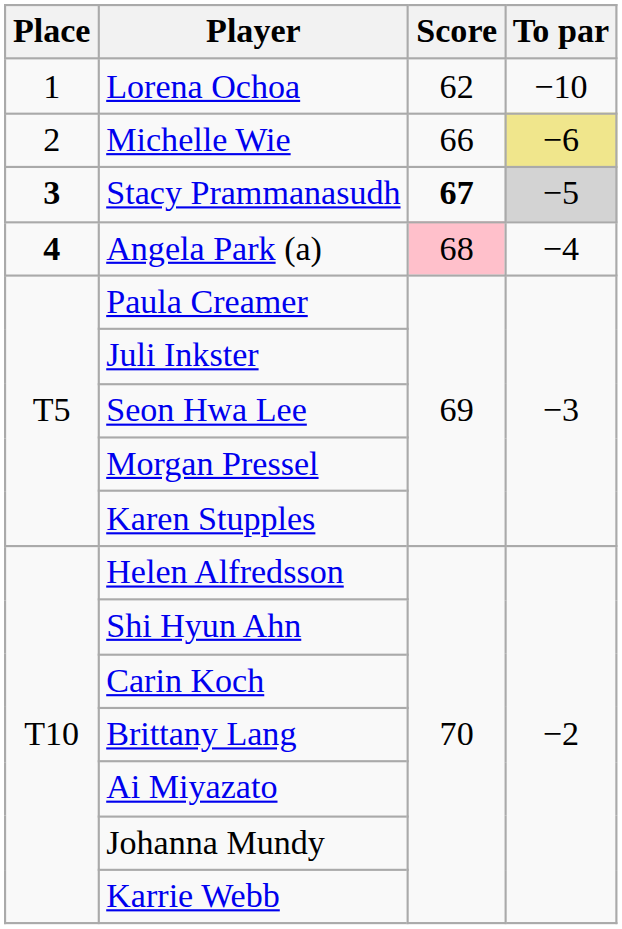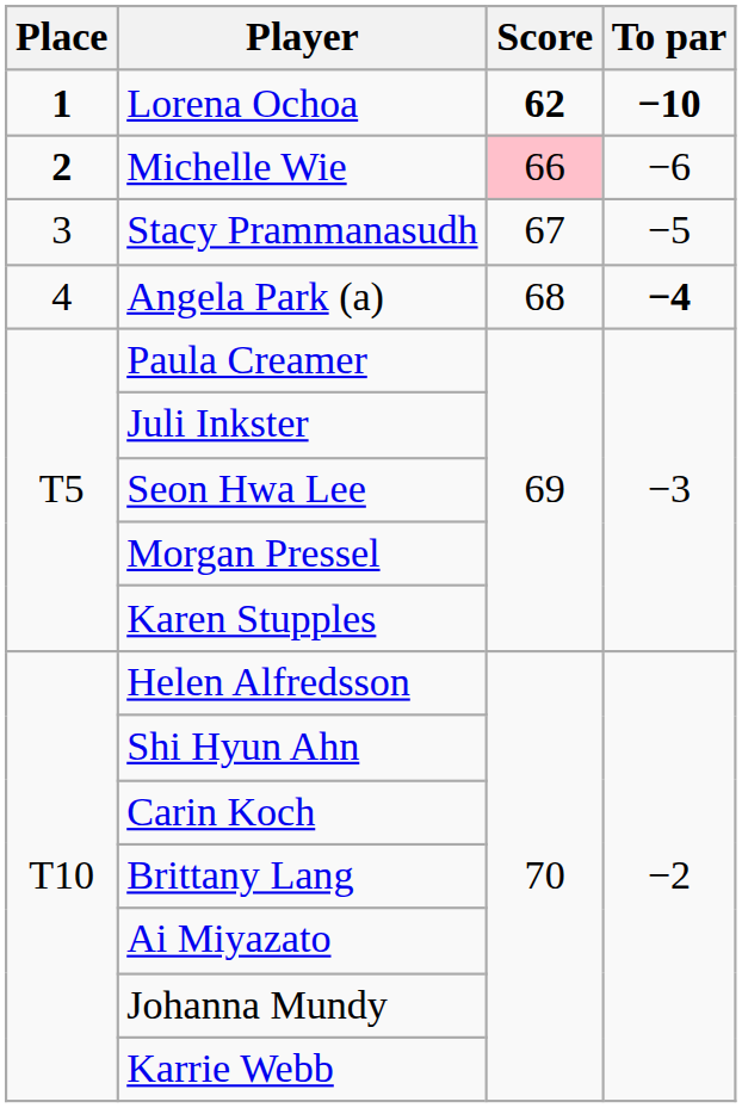 <table class="wikitable">
 <tr>
 <th>Place</th>
 <th>Player</th>
 <th>Score</th>
 <th>To par</th>
 </tr>
 <tr>
-<td align=center>1</td>
+<td align=center><strong>1</strong></td>
 <td> <a href='#'>Lorena Ochoa</a></td>
-<td align=center>62</td>
-<td align=center>−10</td>
+<td align=center><strong>62</strong></td>
+<td align=center><strong>−10</strong></td>
 </tr>
 <tr>
-<td align=center>2</td>
+<td align=center><strong>2</strong></td>
 <td> <a href='#'>Michelle Wie</a></td>
-<td align=center>66</td>
-<td align=center style="background: khaki;">−6</td>
+<td align=center style="background: pink;">66</td>
+<td align=center>−6</td>
 </tr>
 <tr>
-<td align=center><strong>3</strong></td>
+<td align=center>3</td>
 <td> <a href='#'>Stacy Prammanasudh</a></td>
-<td align=center><strong>67</strong></td>
-<td align=center style="background: lightgrey;">−5</td>
+<td align=center>67</td>
+<td align=center>−5</td>
 </tr>
 <tr>
-<td align=center><strong>4</strong></td>
+<td align=center>4</td>
 <td> <a href='#'>Angela Park</a> (a)</td>
-<td align=center style="background: pink;">68</td>
-<td align=center>−4</td>
+<td align=center>68</td>
+<td align=center><strong>−4</strong></td>
 </tr>
 <tr>
 <td rowspan=5 align=center>T5</td>
 <td> <a href='#'>Paula Creamer</a></td>
 <td rowspan=5 align=center>69</td>
 <td rowspan=5 align=center>−3</td>
 </tr>
 <tr>
 <td> <a href='#'>Juli Inkster</a></td>
 </tr>
 <tr>
 <td> <a href='#'>Seon Hwa Lee</a></td>
 </tr>
 <tr>
 <td> <a href='#'>Morgan Pressel</a></td>
 </tr>
 <tr>
 <td> <a href='#'>Karen Stupples</a></td>
 </tr>
 <tr>
 <td align=center rowspan=7>T10</td>
 <td> <a href='#'>Helen Alfredsson</a></td>
 <td align=center rowspan=7>70</td>
 <td align=center rowspan=7>−2</td>
 </tr>
 <tr>
 <td> <a href='#'>Shi Hyun Ahn</a></td>
 </tr>
 <tr>
 <td> <a href='#'>Carin Koch</a></td>
 </tr>
 <tr>
 <td> <a href='#'>Brittany Lang</a></td>
 </tr>
 <tr>
 <td> <a href='#'>Ai Miyazato</a></td>
 </tr>
 <tr>
 <td> Johanna Mundy</td>
 </tr>
 <tr>
 <td> <a href='#'>Karrie Webb</a></td>
 </tr>
 </table>
